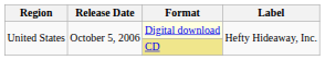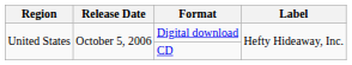 <table class="wikitable">
 <tr>
 <th>Region</th>
 <th>Release Date</th>
 <th>Format</th>
 <th>Label</th>
 </tr>
 <tr>
 <td rowspan="2">United States</td>
 <td rowspan="2">October 5, 2006</td>
-<td style="background: lightyellow;"><a href='#'>Digital download</a></td>
+<td><a href='#'>Digital download</a></td>
 <td rowspan="2">Hefty Hideaway, Inc.</td>
 </tr>
 <tr>
-<td style="background: khaki;"><a href='#'>CD</a></td>
+<td><a href='#'>CD</a></td>
 </tr>
 </table>
